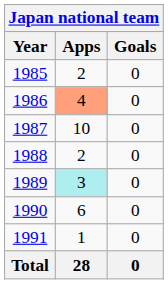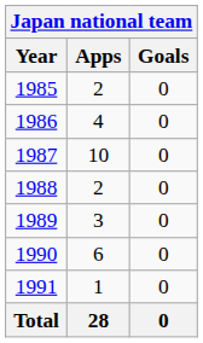 <table class="wikitable" style="text-align:center">
 <tr>
 <th colspan=3><a href='#'>Japan national team</a></th>
 </tr>
 <tr>
 <th>Year</th>
 <th>Apps</th>
 <th>Goals</th>
 </tr>
 <tr>
 <td><a href='#'>1985</a></td>
 <td>2</td>
 <td>0</td>
 </tr>
 <tr>
 <td><a href='#'>1986</a></td>
-<td style="background: lightsalmon;">4</td>
+<td>4</td>
 <td>0</td>
 </tr>
 <tr>
 <td><a href='#'>1987</a></td>
 <td>10</td>
 <td>0</td>
 </tr>
 <tr>
 <td><a href='#'>1988</a></td>
 <td>2</td>
 <td>0</td>
 </tr>
 <tr>
 <td><a href='#'>1989</a></td>
-<td style="background: paleturquoise;">3</td>
+<td>3</td>
 <td>0</td>
 </tr>
 <tr>
 <td><a href='#'>1990</a></td>
 <td>6</td>
 <td>0</td>
 </tr>
 <tr>
 <td><a href='#'>1991</a></td>
 <td>1</td>
 <td>0</td>
 </tr>
 <tr>
 <th>Total</th>
 <th>28</th>
 <th>0</th>
 </tr>
 </table>
